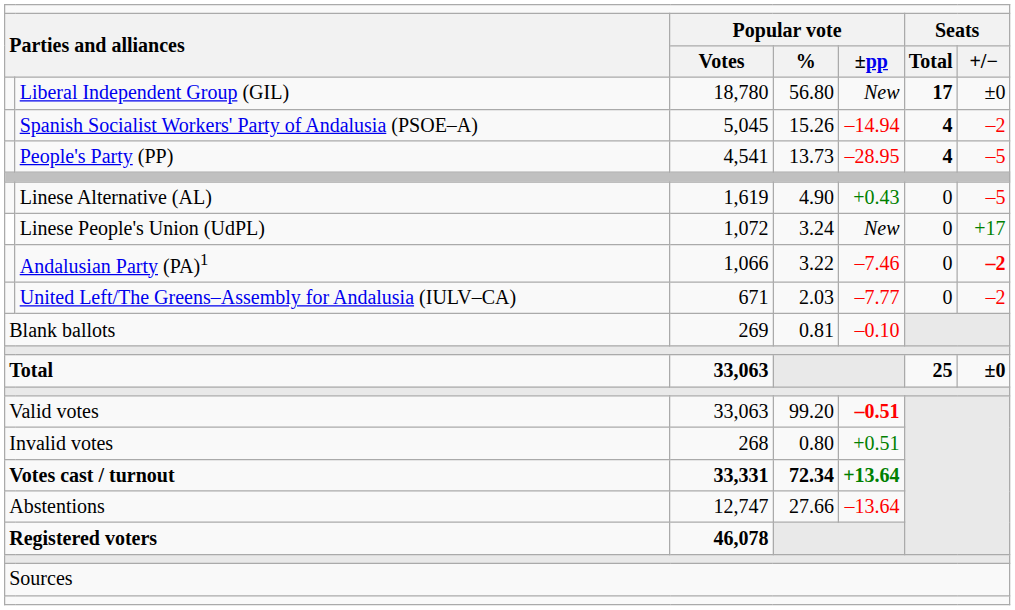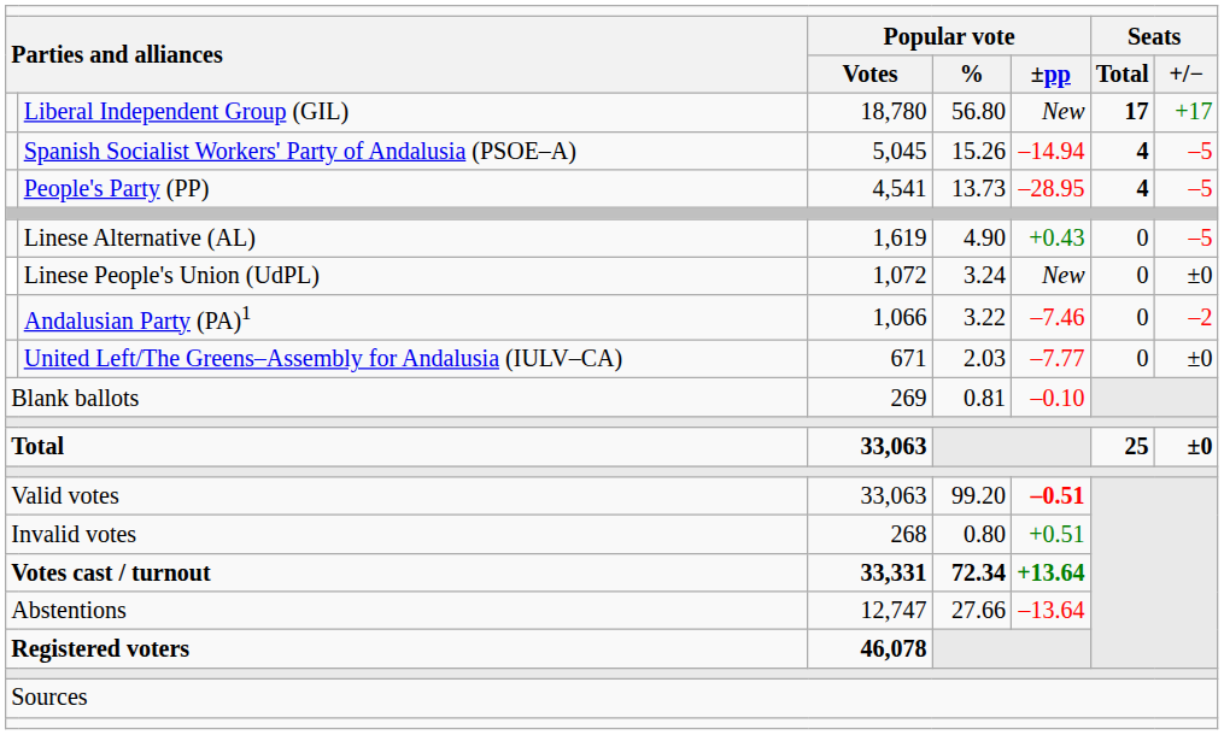 <table class="wikitable" style="text-align:right;">
 <tr>
 <td colspan="7"></td>
 </tr>
 <tr>
 <th style="text-align:left;" rowspan="2" colspan="2" width="525">Parties and alliances</th>
 <th colspan="3">Popular vote</th>
 <th colspan="2">Seats</th>
 </tr>
 <tr>
 <th width="75">Votes</th>
 <th width="45">%</th>
 <th width="45">±<a href='#'>pp</a></th>
 <th width="35">Total</th>
 <th width="35">+/−</th>
 </tr>
 <tr>
 <td width="1" style="color:inherit;background:"></td>
 <td align="left"><a href='#'>Liberal Independent Group</a> (GIL)</td>
 <td>18,780</td>
 <td>56.80</td>
 <td><em>New</em></td>
 <td><strong>17</strong></td>
-<td>±0</td>
+<td style="color:green;">+17</td>
 </tr>
 <tr>
 <td style="color:inherit;background:"></td>
 <td align="left"><a href='#'>Spanish Socialist Workers' Party of Andalusia</a> (PSOE–A)</td>
 <td>5,045</td>
 <td>15.26</td>
 <td style="color:red;">–14.94</td>
 <td><strong>4</strong></td>
-<td style="color:red;">–2</td>
+<td style="color:red;">–5</td>
 </tr>
 <tr>
 <td style="color:inherit;background:"></td>
 <td align="left"><a href='#'>People's Party</a> (PP)</td>
 <td>4,541</td>
 <td>13.73</td>
 <td style="color:red;">–28.95</td>
 <td><strong>4</strong></td>
 <td style="color:red;">–5</td>
 </tr>
 <tr>
 <td colspan="7" bgcolor="#C0C0C0"></td>
 </tr>
 <tr>
 <td style="color:inherit;background:"></td>
 <td align="left">Linese Alternative (AL)</td>
 <td>1,619</td>
 <td>4.90</td>
 <td style="color:green;">+0.43</td>
 <td>0</td>
 <td style="color:red;">–5</td>
 </tr>
 <tr>
 <td bgcolor="white"></td>
 <td align="left">Linese People's Union (UdPL)</td>
 <td>1,072</td>
 <td>3.24</td>
 <td><em>New</em></td>
 <td>0</td>
-<td style="color:green;">+17</td>
+<td>±0</td>
 </tr>
 <tr>
 <td style="color:inherit;background:"></td>
 <td align="left"><a href='#'>Andalusian Party</a> (PA)<sup>1</sup></td>
 <td>1,066</td>
 <td>3.22</td>
 <td style="color:red;">–7.46</td>
 <td>0</td>
-<td style="color:red;"><strong>–2</strong></td>
+<td style="color:red;">–2</td>
 </tr>
 <tr>
 <td style="color:inherit;background:"></td>
 <td align="left"><a href='#'>United Left/The Greens–Assembly for Andalusia</a> (IULV–CA)</td>
 <td>671</td>
 <td>2.03</td>
 <td style="color:red;">–7.77</td>
 <td>0</td>
-<td style="color:red;">–2</td>
+<td>±0</td>
 </tr>
 <tr>
 <td align="left" colspan="2">Blank ballots</td>
 <td>269</td>
 <td>0.81</td>
 <td style="color:red;">–0.10</td>
 <td bgcolor="#E9E9E9" colspan="2"></td>
 </tr>
 <tr>
 <td colspan="7" bgcolor="#E9E9E9"></td>
 </tr>
 <tr style="font-weight:bold;">
 <td align="left" colspan="2">Total</td>
 <td>33,063</td>
 <td bgcolor="#E9E9E9" colspan="2"></td>
 <td>25</td>
 <td>±0</td>
 </tr>
 <tr>
 <td colspan="7" bgcolor="#E9E9E9"></td>
 </tr>
 <tr>
 <td align="left" colspan="2">Valid votes</td>
 <td>33,063</td>
 <td>99.20</td>
 <td style="color:red;"><strong>–0.51</strong></td>
 <td bgcolor="#E9E9E9" colspan="2" rowspan="5"></td>
 </tr>
 <tr>
 <td align="left" colspan="2">Invalid votes</td>
 <td>268</td>
 <td>0.80</td>
 <td style="color:green;">+0.51</td>
 </tr>
 <tr style="font-weight:bold;">
 <td align="left" colspan="2">Votes cast / turnout</td>
 <td>33,331</td>
 <td>72.34</td>
 <td style="color:green;">+13.64</td>
 </tr>
 <tr>
 <td align="left" colspan="2">Abstentions</td>
 <td>12,747</td>
 <td>27.66</td>
 <td style="color:red;">–13.64</td>
 </tr>
 <tr style="font-weight:bold;">
 <td align="left" colspan="2">Registered voters</td>
 <td>46,078</td>
 <td bgcolor="#E9E9E9" colspan="2"></td>
 </tr>
 <tr>
 <td colspan="7" bgcolor="#E9E9E9"></td>
 </tr>
 <tr>
 <td align="left" colspan="7">Sources</td>
 </tr>
 <tr>
 <td colspan="7" style="text-align:left; max-width:790px;"></td>
 </tr>
 </table>
